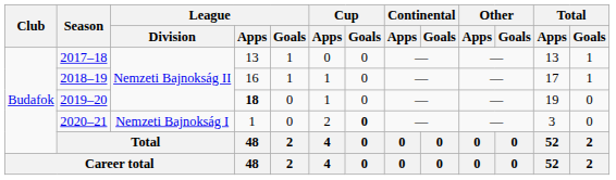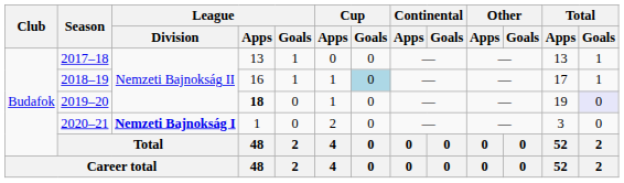 <table class="wikitable" style="text-align:center">
 <tr>
 <th rowspan="2">Club</th>
 <th rowspan="2">Season</th>
 <th colspan="3">League</th>
 <th colspan="2">Cup</th>
 <th colspan="2">Continental</th>
 <th colspan="2">Other</th>
 <th colspan="2">Total</th>
 </tr>
 <tr>
 <th>Division</th>
 <th>Apps</th>
 <th>Goals</th>
 <th>Apps</th>
 <th>Goals</th>
 <th>Apps</th>
 <th>Goals</th>
 <th>Apps</th>
 <th>Goals</th>
 <th>Apps</th>
 <th>Goals</th>
 </tr>
 <tr>
 <td rowspan="5"><a href='#'>Budafok</a></td>
 <td><a href='#'>2017–18</a></td>
 <td rowspan="3"><a href='#'>Nemzeti Bajnokság II</a></td>
 <td>13</td>
 <td>1</td>
 <td>0</td>
 <td>0</td>
 <td colspan="2">—</td>
 <td colspan="2">—</td>
 <td>13</td>
 <td>1</td>
 </tr>
 <tr>
 <td><a href='#'>2018–19</a></td>
 <td>16</td>
 <td>1</td>
 <td>1</td>
-<td>0</td>
+<td style="background: lightblue;">0</td>
 <td colspan="2">—</td>
 <td colspan="2">—</td>
 <td>17</td>
 <td>1</td>
 </tr>
 <tr>
 <td><a href='#'>2019–20</a></td>
 <td><strong>18</strong></td>
 <td>0</td>
 <td>1</td>
 <td>0</td>
 <td colspan="2">—</td>
 <td colspan="2">—</td>
 <td>19</td>
-<td>0</td>
+<td style="background: lavender;">0</td>
 </tr>
 <tr>
 <td><a href='#'>2020–21</a></td>
-<td><a href='#'>Nemzeti Bajnokság I</a></td>
+<td><strong><a href='#'>Nemzeti Bajnokság I</a></strong></td>
 <td>1</td>
 <td>0</td>
 <td>2</td>
-<td><strong>0</strong></td>
+<td>0</td>
 <td colspan="2">—</td>
 <td colspan="2">—</td>
 <td>3</td>
 <td>0</td>
 </tr>
 <tr>
 <th colspan="2">Total</th>
 <th>48</th>
 <th>2</th>
 <th>4</th>
 <th>0</th>
 <th>0</th>
 <th>0</th>
 <th>0</th>
 <th>0</th>
 <th>52</th>
 <th>2</th>
 </tr>
 <tr>
 <th colspan="3">Career total</th>
 <th>48</th>
 <th>2</th>
 <th>4</th>
 <th>0</th>
 <th>0</th>
 <th>0</th>
 <th>0</th>
 <th>0</th>
 <th>52</th>
 <th>2</th>
 </tr>
 </table>
